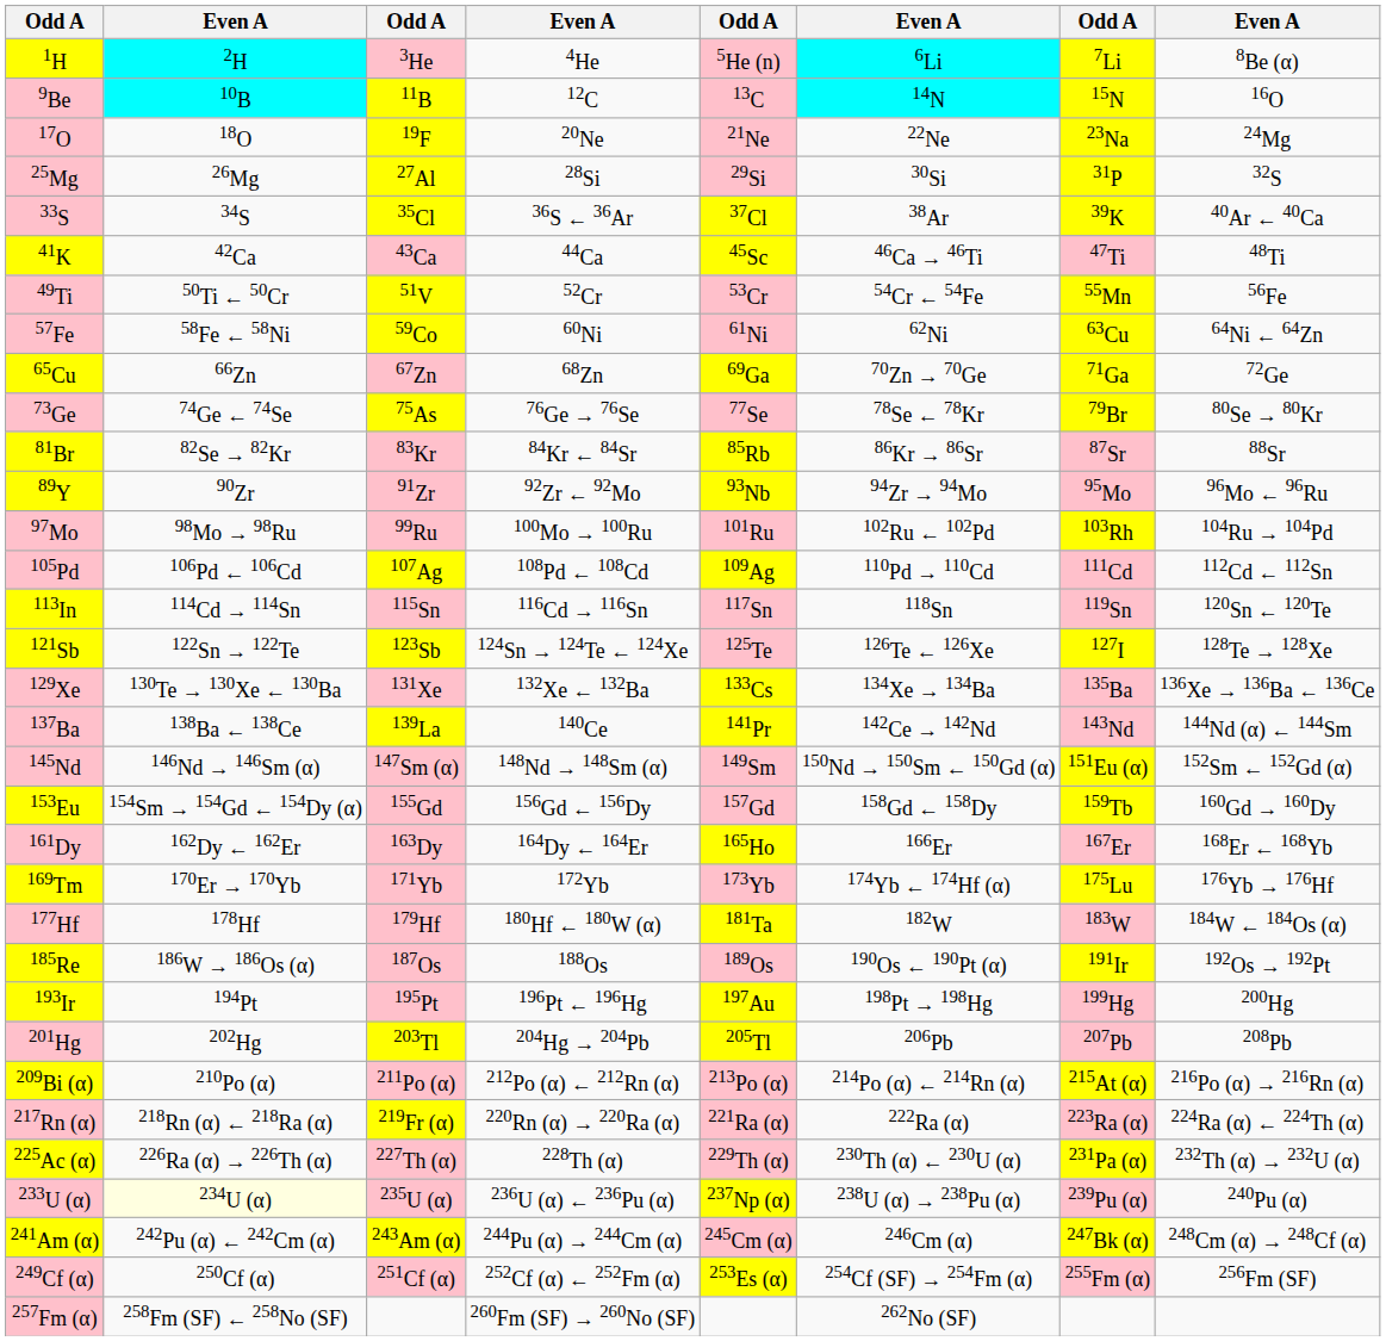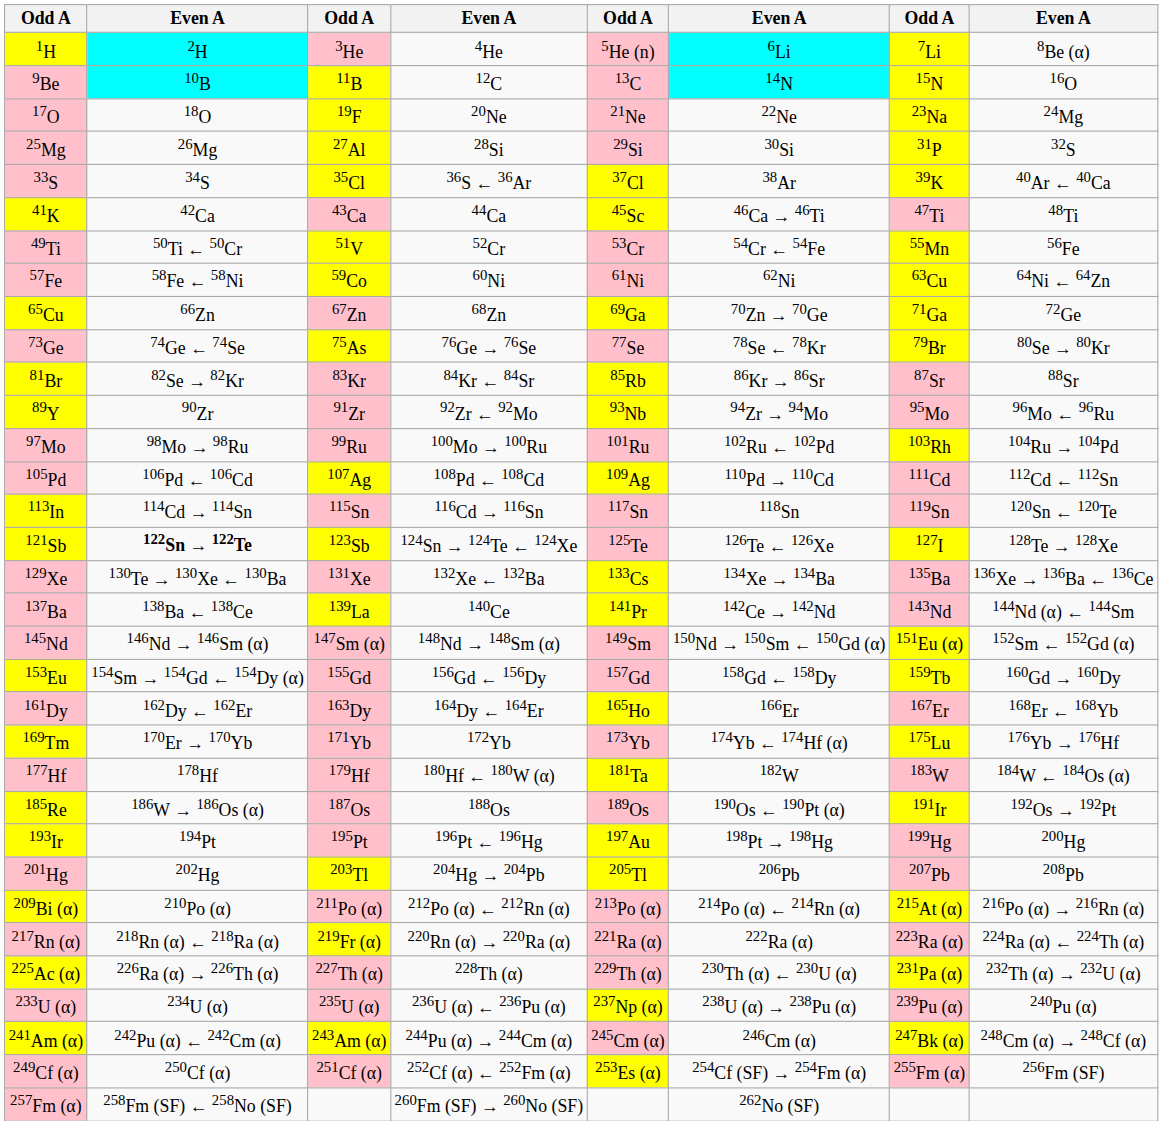 <table class="wikitable" style="text-align:center">
 <tr>
 <th>Odd A</th>
 <th>Even A</th>
 <th>Odd A</th>
 <th>Even A</th>
 <th>Odd A</th>
 <th>Even A</th>
 <th>Odd A</th>
 <th>Even A</th>
 </tr>
 <tr>
 <td bgcolor="yellow"><sup>1</sup>H</td>
 <td bgcolor="cyan"><sup>2</sup>H</td>
 <td bgcolor="pink"><sup>3</sup>He</td>
 <td><sup>4</sup>He</td>
 <td bgcolor="pink"><sup>5</sup>He (n)</td>
 <td bgcolor="cyan"><sup>6</sup>Li</td>
 <td bgcolor="yellow"><sup>7</sup>Li</td>
 <td><sup>8</sup>Be (α)</td>
 </tr>
 <tr>
 <td bgcolor="pink"><sup>9</sup>Be</td>
 <td bgcolor="cyan"><sup>10</sup>B</td>
 <td bgcolor="yellow"><sup>11</sup>B</td>
 <td><sup>12</sup>C</td>
 <td bgcolor="pink"><sup>13</sup>C</td>
 <td bgcolor="cyan"><sup>14</sup>N</td>
 <td bgcolor="yellow"><sup>15</sup>N</td>
 <td><sup>16</sup>O</td>
 </tr>
 <tr>
 <td bgcolor="pink"><sup>17</sup>O</td>
 <td><sup>18</sup>O</td>
 <td bgcolor="yellow"><sup>19</sup>F</td>
 <td><sup>20</sup>Ne</td>
 <td bgcolor="pink"><sup>21</sup>Ne</td>
 <td><sup>22</sup>Ne</td>
 <td bgcolor="yellow"><sup>23</sup>Na</td>
 <td><sup>24</sup>Mg</td>
 </tr>
 <tr>
 <td bgcolor="pink"><sup>25</sup>Mg</td>
 <td><sup>26</sup>Mg</td>
 <td bgcolor="yellow"><sup>27</sup>Al</td>
 <td><sup>28</sup>Si</td>
 <td bgcolor="pink"><sup>29</sup>Si</td>
 <td><sup>30</sup>Si</td>
 <td bgcolor="yellow"><sup>31</sup>P</td>
 <td><sup>32</sup>S</td>
 </tr>
 <tr>
 <td bgcolor="pink"><sup>33</sup>S</td>
 <td><sup>34</sup>S</td>
 <td bgcolor="yellow"><sup>35</sup>Cl</td>
 <td><sup>36</sup>S ← <sup>36</sup>Ar</td>
 <td bgcolor="yellow"><sup>37</sup>Cl</td>
 <td><sup>38</sup>Ar</td>
 <td bgcolor="yellow"><sup>39</sup>K</td>
 <td><sup>40</sup>Ar ← <sup>40</sup>Ca</td>
 </tr>
 <tr>
 <td bgcolor="yellow"><sup>41</sup>K</td>
 <td><sup>42</sup>Ca</td>
 <td bgcolor="pink"><sup>43</sup>Ca</td>
 <td><sup>44</sup>Ca</td>
 <td bgcolor="yellow"><sup>45</sup>Sc</td>
 <td><sup>46</sup>Ca → <sup>46</sup>Ti</td>
 <td bgcolor="pink"><sup>47</sup>Ti</td>
 <td><sup>48</sup>Ti</td>
 </tr>
 <tr>
 <td bgcolor="pink"><sup>49</sup>Ti</td>
 <td><sup>50</sup>Ti ← <sup>50</sup>Cr</td>
 <td bgcolor="yellow"><sup>51</sup>V</td>
 <td><sup>52</sup>Cr</td>
 <td bgcolor="pink"><sup>53</sup>Cr</td>
 <td><sup>54</sup>Cr ← <sup>54</sup>Fe</td>
 <td bgcolor="yellow"><sup>55</sup>Mn</td>
 <td><sup>56</sup>Fe</td>
 </tr>
 <tr>
 <td bgcolor="pink"><sup>57</sup>Fe</td>
 <td><sup>58</sup>Fe ← <sup>58</sup>Ni</td>
 <td bgcolor="yellow"><sup>59</sup>Co</td>
 <td><sup>60</sup>Ni</td>
 <td bgcolor="pink"><sup>61</sup>Ni</td>
 <td><sup>62</sup>Ni</td>
 <td bgcolor="yellow"><sup>63</sup>Cu</td>
 <td><sup>64</sup>Ni ← <sup>64</sup>Zn</td>
 </tr>
 <tr>
 <td bgcolor="yellow"><sup>65</sup>Cu</td>
 <td><sup>66</sup>Zn</td>
 <td bgcolor="pink"><sup>67</sup>Zn</td>
 <td><sup>68</sup>Zn</td>
 <td bgcolor="yellow"><sup>69</sup>Ga</td>
 <td><sup>70</sup>Zn → <sup>70</sup>Ge</td>
 <td bgcolor="yellow"><sup>71</sup>Ga</td>
 <td><sup>72</sup>Ge</td>
 </tr>
 <tr>
 <td bgcolor="pink"><sup>73</sup>Ge</td>
 <td><sup>74</sup>Ge ← <sup>74</sup>Se</td>
 <td bgcolor="yellow"><sup>75</sup>As</td>
 <td><sup>76</sup>Ge → <sup>76</sup>Se</td>
 <td bgcolor="pink"><sup>77</sup>Se</td>
 <td><sup>78</sup>Se ← <sup>78</sup>Kr</td>
 <td bgcolor="yellow"><sup>79</sup>Br</td>
 <td><sup>80</sup>Se → <sup>80</sup>Kr</td>
 </tr>
 <tr>
 <td bgcolor="yellow"><sup>81</sup>Br</td>
 <td><sup>82</sup>Se → <sup>82</sup>Kr</td>
 <td bgcolor="pink"><sup>83</sup>Kr</td>
 <td><sup>84</sup>Kr ← <sup>84</sup>Sr</td>
 <td bgcolor="yellow"><sup>85</sup>Rb</td>
 <td><sup>86</sup>Kr → <sup>86</sup>Sr</td>
 <td bgcolor="pink"><sup>87</sup>Sr</td>
 <td><sup>88</sup>Sr</td>
 </tr>
 <tr>
 <td bgcolor="yellow"><sup>89</sup>Y</td>
 <td><sup>90</sup>Zr</td>
 <td bgcolor="pink"><sup>91</sup>Zr</td>
 <td><sup>92</sup>Zr ← <sup>92</sup>Mo</td>
 <td bgcolor="yellow"><sup>93</sup>Nb</td>
 <td><sup>94</sup>Zr → <sup>94</sup>Mo</td>
 <td bgcolor="pink"><sup>95</sup>Mo</td>
 <td><sup>96</sup>Mo ← <sup>96</sup>Ru</td>
 </tr>
 <tr>
 <td bgcolor="pink"><sup>97</sup>Mo</td>
 <td><sup>98</sup>Mo → <sup>98</sup>Ru</td>
 <td bgcolor="pink"><sup>99</sup>Ru</td>
 <td><sup>100</sup>Mo → <sup>100</sup>Ru</td>
 <td bgcolor="pink"><sup>101</sup>Ru</td>
 <td><sup>102</sup>Ru ← <sup>102</sup>Pd</td>
 <td bgcolor="yellow"><sup>103</sup>Rh</td>
 <td><sup>104</sup>Ru → <sup>104</sup>Pd</td>
 </tr>
 <tr>
 <td bgcolor="pink"><sup>105</sup>Pd</td>
 <td><sup>106</sup>Pd ← <sup>106</sup>Cd</td>
 <td bgcolor="yellow"><sup>107</sup>Ag</td>
 <td><sup>108</sup>Pd ← <sup>108</sup>Cd</td>
 <td bgcolor="yellow"><sup>109</sup>Ag</td>
 <td><sup>110</sup>Pd → <sup>110</sup>Cd</td>
 <td bgcolor="pink"><sup>111</sup>Cd</td>
 <td><sup>112</sup>Cd ← <sup>112</sup>Sn</td>
 </tr>
 <tr>
 <td bgcolor="yellow"><sup>113</sup>In</td>
 <td><sup>114</sup>Cd → <sup>114</sup>Sn</td>
 <td bgcolor="pink"><sup>115</sup>Sn</td>
 <td><sup>116</sup>Cd → <sup>116</sup>Sn</td>
 <td bgcolor="pink"><sup>117</sup>Sn</td>
 <td><sup>118</sup>Sn</td>
 <td bgcolor="pink"><sup>119</sup>Sn</td>
 <td><sup>120</sup>Sn ← <sup>120</sup>Te</td>
 </tr>
 <tr>
 <td bgcolor="yellow"><sup>121</sup>Sb</td>
-<td><sup>122</sup>Sn → <sup>122</sup>Te</td>
+<td><strong><sup>122</sup>Sn → <sup>122</sup>Te</strong></td>
 <td bgcolor="yellow"><sup>123</sup>Sb</td>
 <td><sup>124</sup>Sn → <sup>124</sup>Te ← <sup>124</sup>Xe</td>
 <td bgcolor="pink"><sup>125</sup>Te</td>
 <td><sup>126</sup>Te ← <sup>126</sup>Xe</td>
 <td bgcolor="yellow"><sup>127</sup>I</td>
 <td><sup>128</sup>Te → <sup>128</sup>Xe</td>
 </tr>
 <tr>
 <td bgcolor="pink"><sup>129</sup>Xe</td>
 <td><sup>130</sup>Te → <sup>130</sup>Xe ← <sup>130</sup>Ba</td>
 <td bgcolor="pink"><sup>131</sup>Xe</td>
 <td><sup>132</sup>Xe ← <sup>132</sup>Ba</td>
 <td bgcolor="yellow"><sup>133</sup>Cs</td>
 <td><sup>134</sup>Xe → <sup>134</sup>Ba</td>
 <td bgcolor="pink"><sup>135</sup>Ba</td>
 <td><sup>136</sup>Xe → <sup>136</sup>Ba ← <sup>136</sup>Ce</td>
 </tr>
 <tr>
 <td bgcolor="pink"><sup>137</sup>Ba</td>
 <td><sup>138</sup>Ba ← <sup>138</sup>Ce</td>
 <td bgcolor="yellow"><sup>139</sup>La</td>
 <td><sup>140</sup>Ce</td>
 <td bgcolor="yellow"><sup>141</sup>Pr</td>
 <td><sup>142</sup>Ce → <sup>142</sup>Nd</td>
 <td bgcolor="pink"><sup>143</sup>Nd</td>
 <td><sup>144</sup>Nd (α) ← <sup>144</sup>Sm</td>
 </tr>
 <tr>
 <td bgcolor="pink"><sup>145</sup>Nd</td>
 <td><sup>146</sup>Nd → <sup>146</sup>Sm (α)</td>
 <td bgcolor="pink"><sup>147</sup>Sm (α)</td>
 <td><sup>148</sup>Nd → <sup>148</sup>Sm (α)</td>
 <td bgcolor="pink"><sup>149</sup>Sm</td>
 <td><sup>150</sup>Nd → <sup>150</sup>Sm ← <sup>150</sup>Gd (α)</td>
 <td bgcolor="yellow"><sup>151</sup>Eu (α)</td>
 <td><sup>152</sup>Sm ← <sup>152</sup>Gd (α)</td>
 </tr>
 <tr>
 <td bgcolor="yellow"><sup>153</sup>Eu</td>
 <td><sup>154</sup>Sm → <sup>154</sup>Gd ← <sup>154</sup>Dy (α)</td>
 <td bgcolor="pink"><sup>155</sup>Gd</td>
 <td><sup>156</sup>Gd ← <sup>156</sup>Dy</td>
 <td bgcolor="pink"><sup>157</sup>Gd</td>
 <td><sup>158</sup>Gd ← <sup>158</sup>Dy</td>
 <td bgcolor="yellow"><sup>159</sup>Tb</td>
 <td><sup>160</sup>Gd → <sup>160</sup>Dy</td>
 </tr>
 <tr>
 <td bgcolor="pink"><sup>161</sup>Dy</td>
 <td><sup>162</sup>Dy ← <sup>162</sup>Er</td>
 <td bgcolor="pink"><sup>163</sup>Dy</td>
 <td><sup>164</sup>Dy ← <sup>164</sup>Er</td>
 <td bgcolor="yellow"><sup>165</sup>Ho</td>
 <td><sup>166</sup>Er</td>
 <td bgcolor="pink"><sup>167</sup>Er</td>
 <td><sup>168</sup>Er ← <sup>168</sup>Yb</td>
 </tr>
 <tr>
 <td bgcolor="yellow"><sup>169</sup>Tm</td>
 <td><sup>170</sup>Er → <sup>170</sup>Yb</td>
 <td bgcolor="pink"><sup>171</sup>Yb</td>
 <td><sup>172</sup>Yb</td>
 <td bgcolor="pink"><sup>173</sup>Yb</td>
 <td><sup>174</sup>Yb ← <sup>174</sup>Hf (α)</td>
 <td bgcolor="yellow"><sup>175</sup>Lu</td>
 <td><sup>176</sup>Yb → <sup>176</sup>Hf</td>
 </tr>
 <tr>
 <td bgcolor="pink"><sup>177</sup>Hf</td>
 <td><sup>178</sup>Hf</td>
 <td bgcolor="pink"><sup>179</sup>Hf</td>
 <td><sup>180</sup>Hf ← <sup>180</sup>W (α)</td>
 <td bgcolor="yellow"><sup>181</sup>Ta</td>
 <td><sup>182</sup>W</td>
 <td bgcolor="pink"><sup>183</sup>W</td>
 <td><sup>184</sup>W ← <sup>184</sup>Os (α)</td>
 </tr>
 <tr>
 <td bgcolor="yellow"><sup>185</sup>Re</td>
 <td><sup>186</sup>W → <sup>186</sup>Os (α)</td>
 <td bgcolor="pink"><sup>187</sup>Os</td>
 <td><sup>188</sup>Os</td>
 <td bgcolor="pink"><sup>189</sup>Os</td>
 <td><sup>190</sup>Os ← <sup>190</sup>Pt (α)</td>
 <td bgcolor="yellow"><sup>191</sup>Ir</td>
 <td><sup>192</sup>Os → <sup>192</sup>Pt</td>
 </tr>
 <tr>
 <td bgcolor="yellow"><sup>193</sup>Ir</td>
 <td><sup>194</sup>Pt</td>
 <td bgcolor="pink"><sup>195</sup>Pt</td>
 <td><sup>196</sup>Pt ← <sup>196</sup>Hg</td>
 <td bgcolor="yellow"><sup>197</sup>Au</td>
 <td><sup>198</sup>Pt → <sup>198</sup>Hg</td>
 <td bgcolor="pink"><sup>199</sup>Hg</td>
 <td><sup>200</sup>Hg</td>
 </tr>
 <tr>
 <td bgcolor="pink"><sup>201</sup>Hg</td>
 <td><sup>202</sup>Hg</td>
 <td bgcolor="yellow"><sup>203</sup>Tl</td>
 <td><sup>204</sup>Hg → <sup>204</sup>Pb</td>
 <td bgcolor="yellow"><sup>205</sup>Tl</td>
 <td><sup>206</sup>Pb</td>
 <td bgcolor="pink"><sup>207</sup>Pb</td>
 <td><sup>208</sup>Pb</td>
 </tr>
 <tr>
 <td bgcolor="yellow"><sup>209</sup>Bi (α)</td>
 <td><sup>210</sup>Po (α)</td>
 <td bgcolor="pink"><sup>211</sup>Po (α)</td>
 <td><sup>212</sup>Po (α) ← <sup>212</sup>Rn (α)</td>
 <td bgcolor="pink"><sup>213</sup>Po (α)</td>
 <td><sup>214</sup>Po (α) ← <sup>214</sup>Rn (α)</td>
 <td bgcolor="yellow"><sup>215</sup>At (α)</td>
 <td><sup>216</sup>Po (α) → <sup>216</sup>Rn (α)</td>
 </tr>
 <tr>
 <td bgcolor="pink"><sup>217</sup>Rn (α)</td>
 <td><sup>218</sup>Rn (α) ← <sup>218</sup>Ra (α)</td>
 <td bgcolor="yellow"><sup>219</sup>Fr (α)</td>
 <td><sup>220</sup>Rn (α) → <sup>220</sup>Ra (α)</td>
 <td bgcolor="pink"><sup>221</sup>Ra (α)</td>
 <td><sup>222</sup>Ra (α)</td>
 <td bgcolor="pink"><sup>223</sup>Ra (α)</td>
 <td><sup>224</sup>Ra (α) ← <sup>224</sup>Th (α)</td>
 </tr>
 <tr>
 <td bgcolor="yellow"><sup>225</sup>Ac (α)</td>
 <td><sup>226</sup>Ra (α) → <sup>226</sup>Th (α)</td>
 <td bgcolor="pink"><sup>227</sup>Th (α)</td>
 <td><sup>228</sup>Th (α)</td>
 <td bgcolor="pink"><sup>229</sup>Th (α)</td>
 <td><sup>230</sup>Th (α) ← <sup>230</sup>U (α)</td>
 <td bgcolor="yellow"><sup>231</sup>Pa (α)</td>
 <td><sup>232</sup>Th (α) → <sup>232</sup>U (α)</td>
 </tr>
 <tr>
 <td bgcolor="pink"><sup>233</sup>U (α)</td>
-<td style="background: lightyellow;"><sup>234</sup>U (α)</td>
+<td><sup>234</sup>U (α)</td>
 <td bgcolor="pink"><sup>235</sup>U (α)</td>
 <td><sup>236</sup>U (α) ← <sup>236</sup>Pu (α)</td>
 <td bgcolor="yellow"><sup>237</sup>Np (α)</td>
 <td><sup>238</sup>U (α) → <sup>238</sup>Pu (α)</td>
 <td bgcolor="pink"><sup>239</sup>Pu (α)</td>
 <td><sup>240</sup>Pu (α)</td>
 </tr>
 <tr>
 <td bgcolor="yellow"><sup>241</sup>Am (α)</td>
 <td><sup>242</sup>Pu (α) ← <sup>242</sup>Cm (α)</td>
 <td bgcolor="yellow"><sup>243</sup>Am (α)</td>
 <td><sup>244</sup>Pu (α) → <sup>244</sup>Cm (α)</td>
 <td bgcolor="pink"><sup>245</sup>Cm (α)</td>
 <td><sup>246</sup>Cm (α)</td>
 <td bgcolor="yellow"><sup>247</sup>Bk (α)</td>
 <td><sup>248</sup>Cm (α) → <sup>248</sup>Cf (α)</td>
 </tr>
 <tr>
 <td bgcolor="pink"><sup>249</sup>Cf (α)</td>
 <td><sup>250</sup>Cf (α)</td>
 <td bgcolor="pink"><sup>251</sup>Cf (α)</td>
 <td><sup>252</sup>Cf (α) ← <sup>252</sup>Fm (α)</td>
 <td bgcolor="yellow"><sup>253</sup>Es (α)</td>
 <td><sup>254</sup>Cf (SF) → <sup>254</sup>Fm (α)</td>
 <td bgcolor="pink"><sup>255</sup>Fm (α)</td>
 <td><sup>256</sup>Fm (SF)</td>
 </tr>
 <tr>
 <td bgcolor="pink"><sup>257</sup>Fm (α)</td>
 <td><sup>258</sup>Fm (SF) ← <sup>258</sup>No (SF)</td>
 <td></td>
 <td><sup>260</sup>Fm (SF) → <sup>260</sup>No (SF)</td>
 <td></td>
 <td><sup>262</sup>No (SF)</td>
 <td></td>
 <td></td>
 </tr>
 </table>
